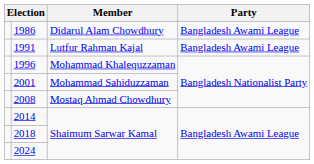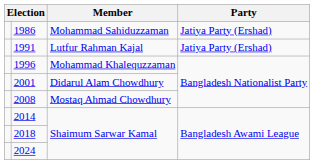 <table class="wikitable">
 <tr>
 <th colspan="2">Election</th>
 <th>Member</th>
 <th>Party</th>
 </tr>
 <tr>
 <td style="background-color:"></td>
 <td><a href='#'>1986</a></td>
-<td><a href='#'>Didarul Alam Chowdhury</a></td>
-<td><a href='#'>Bangladesh Awami League</a></td>
+<td><a href='#'>Mohammad Sahiduzzaman</a></td>
+<td><a href='#'>Jatiya Party (Ershad)</a></td>
 </tr>
 <tr>
 <td style="background-color:"></td>
 <td><a href='#'>1991</a></td>
 <td><a href='#'>Lutfur Rahman Kajal</a></td>
-<td><a href='#'>Bangladesh Awami League</a></td>
+<td><a href='#'>Jatiya Party (Ershad)</a></td>
 </tr>
 <tr>
 <td style="background-color:"></td>
 <td><a href='#'>1996</a></td>
 <td><a href='#'>Mohammad Khalequzzaman</a></td>
 <td rowspan="3"><a href='#'>Bangladesh Nationalist Party</a></td>
 </tr>
 <tr>
 <td style="background-color:"></td>
 <td><a href='#'>2001</a></td>
-<td><a href='#'>Mohammad Sahiduzzaman</a></td>
+<td><a href='#'>Didarul Alam Chowdhury</a></td>
 </tr>
 <tr>
 <td style="background-color:"></td>
 <td><a href='#'>2008</a></td>
 <td><a href='#'>Mostaq Ahmad Chowdhury</a></td>
 </tr>
 <tr>
 <td style="background-color:"></td>
 <td><a href='#'>2014</a></td>
 <td rowspan="3"><a href='#'>Shaimum Sarwar Kamal</a></td>
 <td rowspan="3"><a href='#'>Bangladesh Awami League</a></td>
 </tr>
 <tr>
 <td style="background-color:"></td>
 <td><a href='#'>2018</a></td>
 </tr>
 <tr>
 <td style="background-color:"></td>
 <td><a href='#'>2024</a></td>
 </tr>
 </table>
